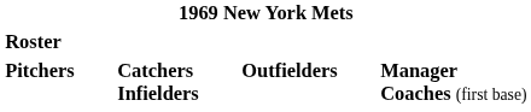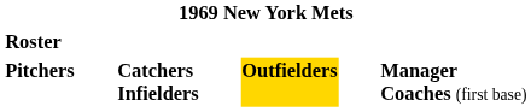 <table class="toccolours" style="font-size: 95%;">
 <tr>
 <th colspan="10">1969 New York Mets</th>
 </tr>
 <tr>
 <td colspan="10"><strong>Roster</strong></td>
 </tr>
 <tr>
 <td valign="top"><strong>Pitchers</strong><br>              </td>
 <td width="25px"></td>
 <td valign="top"><strong>Catchers</strong><br>   <strong>Infielders</strong>          </td>
 <td width="25px"></td>
-<td valign="top"><strong>Outfielders</strong><br>      </td>
+<td valign="top" style="background: gold;"><strong>Outfielders</strong><br>      </td>
 <td width="25px"></td>
 <td valign="top"><strong>Manager</strong><br> <strong>Coaches</strong>  <small>(first base)</small> </small> </small> </small></td>
 </tr>
 </table>
